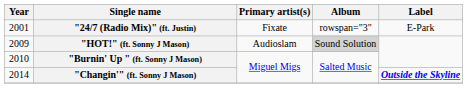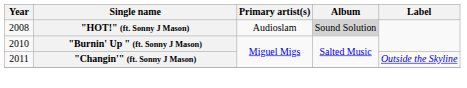 <table class="wikitable plainrowheaders" style="text-align:center;">
 <tr>
 <th scope="col" rowspan="1" style="width:2.5em;">Year</th>
 <th scope="col" rowspan="1" style="width:20em;">Single name</th>
 <th scope="col" rowspan="1">Primary artist(s)</th>
 <th scope="col" rowspan="1">Album</th>
 <th scope="col" rowspan="1">Label</th>
 </tr>
 <tr>
-<td rowspan="1">2001</td>
-<th scope="row">"24/7 (Radio Mix)" <small>(ft. Justin)</small></th>
-<td>Fixate</td>
-<td>rowspan="3" </td>
-<td>E-Park</td>
-</tr>
-<tr>
-<td rowspan="1">2009</td>
+<td rowspan="1">2008</td>
 <th scope="row">"HOT!" <small>(ft. Sonny J Mason)</small></th>
 <td>Audioslam</td>
 <td style="background: lightgrey;">Sound Solution</td>
 </tr>
 <tr>
 <td rowspan="1">2010</td>
 <th scope="row">"Burnin' Up " <small>(ft. Sonny J Mason)</small></th>
 <td rowspan="2"><a href='#'>Miguel Migs</a></td>
 <td rowspan="2"><a href='#'>Salted Music</a></td>
 </tr>
 <tr>
-<td rowspan="1">2014</td>
+<td rowspan="1">2011</td>
 <th scope="row">"Changin'" <small>(ft. Sonny J Mason)</small></th>
-<td><strong><em><a href='#'>Outside the Skyline</a></em></strong></td>
+<td><em><a href='#'>Outside the Skyline</a></em></td>
 </tr>
 <tr>
 </tr>
 </table>
